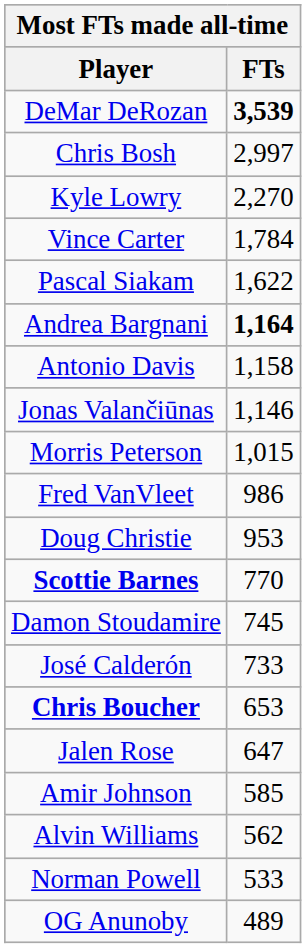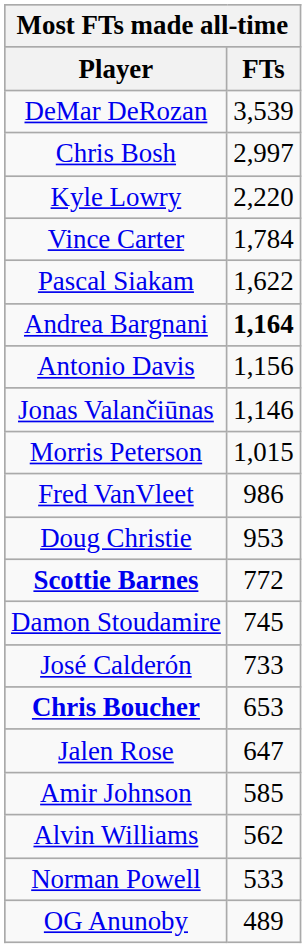 <table class="wikitable sortable" style="text-align:center">
 <tr>
 <th colspan="2">Most FTs made all-time</th>
 </tr>
 <tr>
 <th>Player</th>
 <th>FTs</th>
 </tr>
 <tr>
 <td><a href='#'>DeMar DeRozan</a></td>
-<td><strong>3,539</strong></td>
+<td>3,539</td>
 </tr>
 <tr>
 <td><a href='#'>Chris Bosh</a></td>
 <td>2,997</td>
 </tr>
 <tr>
 <td><a href='#'>Kyle Lowry</a></td>
-<td>2,270</td>
+<td>2,220</td>
 </tr>
 <tr>
 <td><a href='#'>Vince Carter</a></td>
 <td>1,784</td>
 </tr>
 <tr>
 <td><a href='#'>Pascal Siakam</a></td>
 <td>1,622</td>
 </tr>
 <tr>
 <td><a href='#'>Andrea Bargnani</a></td>
 <td><strong>1,164</strong></td>
 </tr>
 <tr>
 <td><a href='#'>Antonio Davis</a></td>
-<td>1,158</td>
+<td>1,156</td>
 </tr>
 <tr>
 <td><a href='#'>Jonas Valančiūnas</a></td>
 <td>1,146</td>
 </tr>
 <tr>
 <td><a href='#'>Morris Peterson</a></td>
 <td>1,015</td>
 </tr>
 <tr>
 <td><a href='#'>Fred VanVleet</a></td>
 <td>986</td>
 </tr>
 <tr>
 <td><a href='#'>Doug Christie</a></td>
 <td>953</td>
 </tr>
 <tr>
 <td><strong><a href='#'>Scottie Barnes</a></strong></td>
-<td>770</td>
+<td>772</td>
 </tr>
 <tr>
 <td><a href='#'>Damon Stoudamire</a></td>
 <td>745</td>
 </tr>
 <tr>
 <td><a href='#'>José Calderón</a></td>
 <td>733</td>
 </tr>
 <tr>
 <td><strong><a href='#'>Chris Boucher</a></strong></td>
 <td>653</td>
 </tr>
 <tr>
 <td><a href='#'>Jalen Rose</a></td>
 <td>647</td>
 </tr>
 <tr>
 <td><a href='#'>Amir Johnson</a></td>
 <td>585</td>
 </tr>
 <tr>
 <td><a href='#'>Alvin Williams</a></td>
 <td>562</td>
 </tr>
 <tr>
 <td><a href='#'>Norman Powell</a></td>
 <td>533</td>
 </tr>
 <tr>
 <td><a href='#'>OG Anunoby</a></td>
 <td>489</td>
 </tr>
 </table>
